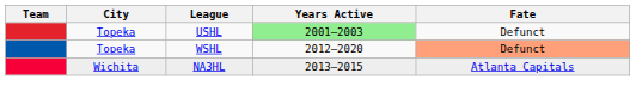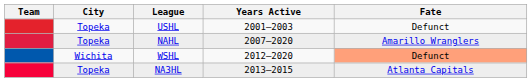 <table class="wikitable sortable" width="60%">
 <tr>
 <th>Team</th>
 <th>City</th>
 <th>League</th>
 <th>Years Active</th>
 <th>Fate</th>
 </tr>
 <tr align=center>
 <td style="color:white; background:#e4222c; "><strong><a href='#'></a></strong></td>
 <td><a href='#'>Topeka</a></td>
 <td><a href='#'>USHL</a></td>
-<td style="background: lightgreen;">2001–2003</td>
+<td>2001–2003</td>
 <td>Defunct</td>
+</tr>
+<tr align=center bgcolor=eeeeee>
+<td style="color:white; background:#e01d42; "><strong><a href='#'></a></strong></td>
+<td><a href='#'>Topeka</a></td>
+<td><a href='#'>NAHL</a></td>
+<td>2007–2020</td>
+<td><a href='#'>Amarillo Wranglers</a></td>
 </tr>
 <tr align=center>
 <td style="color:white; background:#0058ad; "><strong><a href='#'></a></strong></td>
-<td><a href='#'>Topeka</a></td>
+<td><a href='#'>Wichita</a></td>
 <td><a href='#'>WSHL</a></td>
 <td>2012–2020</td>
 <td style="background: lightsalmon;">Defunct</td>
 </tr>
 <tr align=center bgcolor=eeeeee>
 <td style="color:white; background:#f7003a; "><strong><a href='#'></a></strong></td>
-<td><a href='#'>Wichita</a></td>
+<td><a href='#'>Topeka</a></td>
 <td><a href='#'>NA3HL</a></td>
 <td>2013–2015</td>
 <td><a href='#'>Atlanta Capitals</a></td>
 </tr>
 </table>
